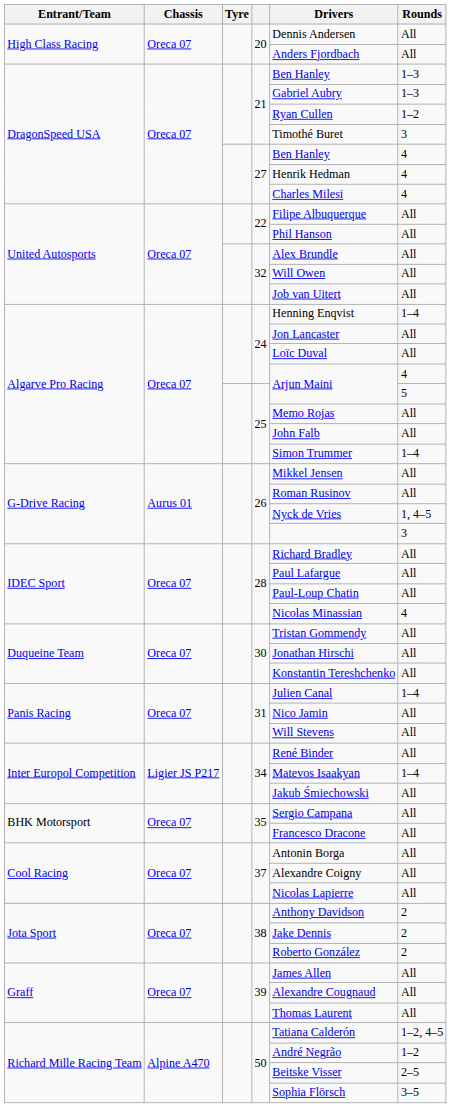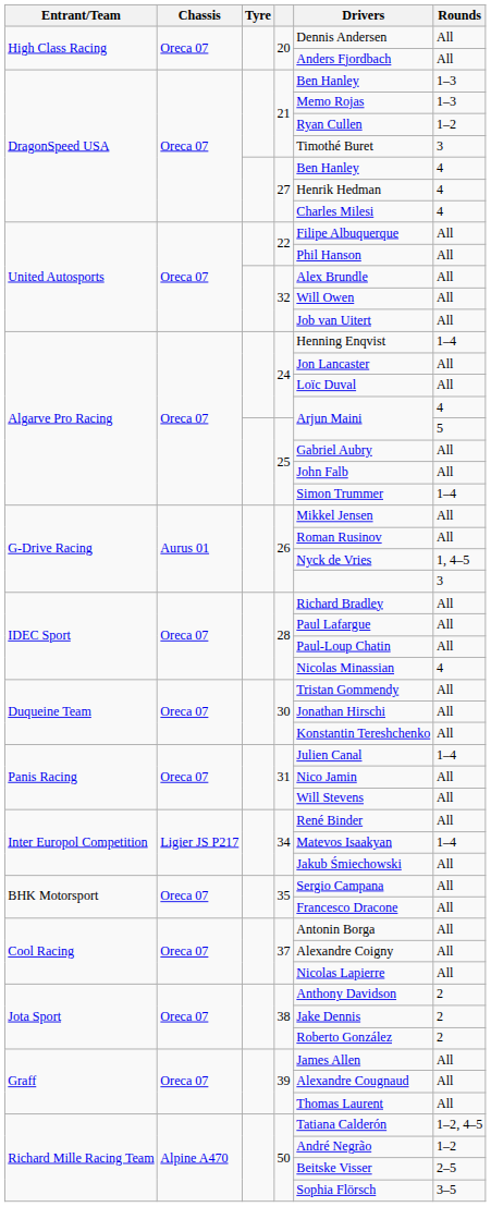 <table class="wikitable" style="font-size: 85%;">
 <tr>
 <th>Entrant/Team</th>
 <th>Chassis</th>
 <th>Tyre</th>
 <th></th>
 <th>Drivers</th>
 <th>Rounds</th>
 </tr>
 <tr>
 <td rowspan=2> <a href='#'>High Class Racing</a></td>
 <td rowspan=2><a href='#'>Oreca 07</a></td>
 <td align="center" rowspan=2></td>
 <td align="center" rowspan=2>20</td>
 <td> Dennis Andersen</td>
 <td>All</td>
 </tr>
 <tr>
 <td> <a href='#'>Anders Fjordbach</a></td>
 <td>All</td>
 </tr>
 <tr>
 <td rowspan="7"> <a href='#'>DragonSpeed USA</a></td>
 <td rowspan="7"><a href='#'>Oreca 07</a></td>
 <td rowspan="4" align="center"></td>
 <td rowspan="4" align="center">21</td>
 <td> <a href='#'>Ben Hanley</a></td>
 <td>1–3</td>
 </tr>
 <tr>
-<td> <a href='#'>Gabriel Aubry</a></td>
+<td> <a href='#'>Memo Rojas</a></td>
 <td>1–3</td>
 </tr>
 <tr>
 <td> <a href='#'>Ryan Cullen</a></td>
 <td>1–2</td>
 </tr>
 <tr>
 <td> Timothé Buret</td>
 <td>3</td>
 </tr>
 <tr>
 <td rowspan=3 align=center></td>
 <td rowspan=3 align=center>27</td>
 <td> <a href='#'>Ben Hanley</a></td>
 <td>4</td>
 </tr>
 <tr>
 <td> Henrik Hedman</td>
 <td>4</td>
 </tr>
 <tr>
 <td> <a href='#'>Charles Milesi</a></td>
 <td>4</td>
 </tr>
 <tr>
 <td rowspan="5"> <a href='#'>United Autosports</a></td>
 <td rowspan="5"><a href='#'>Oreca 07</a></td>
 <td rowspan="2" align="center"></td>
 <td rowspan="2" align="center">22</td>
 <td> <a href='#'>Filipe Albuquerque</a></td>
 <td>All</td>
 </tr>
 <tr>
 <td> <a href='#'>Phil Hanson</a></td>
 <td>All</td>
 </tr>
 <tr>
 <td rowspan="3" align="center"></td>
 <td rowspan="3" align="center">32</td>
 <td> <a href='#'>Alex Brundle</a></td>
 <td>All</td>
 </tr>
 <tr>
 <td> <a href='#'>Will Owen</a></td>
 <td>All</td>
 </tr>
 <tr>
 <td> <a href='#'>Job van Uitert</a></td>
 <td>All</td>
 </tr>
 <tr>
 <td rowspan="8"> <a href='#'>Algarve Pro Racing</a></td>
 <td rowspan="8"><a href='#'>Oreca 07</a></td>
 <td rowspan="4" align="center"></td>
 <td rowspan="4" align="center">24</td>
 <td> Henning Enqvist</td>
 <td>1–4</td>
 </tr>
 <tr>
 <td> <a href='#'>Jon Lancaster</a></td>
 <td>All</td>
 </tr>
 <tr>
 <td> <a href='#'>Loïc Duval</a></td>
 <td>All</td>
 </tr>
 <tr>
 <td rowspan=2> <a href='#'>Arjun Maini</a></td>
 <td>4</td>
 </tr>
 <tr>
 <td rowspan="4" align="center"></td>
 <td rowspan="4" align="center">25</td>
 <td>5</td>
 </tr>
 <tr>
-<td> <a href='#'>Memo Rojas</a></td>
+<td> <a href='#'>Gabriel Aubry</a></td>
 <td>All</td>
 </tr>
 <tr>
 <td> <a href='#'>John Falb</a></td>
 <td>All</td>
 </tr>
 <tr>
 <td> <a href='#'>Simon Trummer</a></td>
 <td>1–4</td>
 </tr>
 <tr>
 <td rowspan="4"> <a href='#'>G-Drive Racing</a></td>
 <td rowspan="4"><a href='#'>Aurus 01</a></td>
 <td rowspan="4" align="center"></td>
 <td rowspan="4" align="center">26</td>
 <td> <a href='#'>Mikkel Jensen</a></td>
 <td>All</td>
 </tr>
 <tr>
 <td> <a href='#'>Roman Rusinov</a></td>
 <td>All</td>
 </tr>
 <tr>
 <td> <a href='#'>Nyck de Vries</a></td>
 <td>1, 4–5</td>
 </tr>
 <tr>
 <td></td>
 <td>3</td>
 </tr>
 <tr>
 <td rowspan="4"> <a href='#'>IDEC Sport</a></td>
 <td rowspan="4"><a href='#'>Oreca 07</a></td>
 <td rowspan="4" align="center"></td>
 <td rowspan="4" align="center">28</td>
 <td> <a href='#'>Richard Bradley</a></td>
 <td>All</td>
 </tr>
 <tr>
 <td> <a href='#'>Paul Lafargue</a></td>
 <td>All</td>
 </tr>
 <tr>
 <td> <a href='#'>Paul-Loup Chatin</a></td>
 <td>All</td>
 </tr>
 <tr>
 <td> <a href='#'>Nicolas Minassian</a></td>
 <td>4</td>
 </tr>
 <tr>
 <td rowspan="3"> <a href='#'>Duqueine Team</a></td>
 <td rowspan="3"><a href='#'>Oreca 07</a></td>
 <td rowspan="3" align="center"></td>
 <td rowspan="3" align="center">30</td>
 <td> <a href='#'>Tristan Gommendy</a></td>
 <td>All</td>
 </tr>
 <tr>
 <td> <a href='#'>Jonathan Hirschi</a></td>
 <td>All</td>
 </tr>
 <tr>
 <td> <a href='#'>Konstantin Tereshchenko</a></td>
 <td>All</td>
 </tr>
 <tr>
 <td rowspan="3"> <a href='#'>Panis Racing</a></td>
 <td rowspan="3"><a href='#'>Oreca 07</a></td>
 <td rowspan="3" align="center"></td>
 <td rowspan="3" align="center">31</td>
 <td> <a href='#'>Julien Canal</a></td>
 <td>1–4</td>
 </tr>
 <tr>
 <td> <a href='#'>Nico Jamin</a></td>
 <td>All</td>
 </tr>
 <tr>
 <td> <a href='#'>Will Stevens</a></td>
 <td>All</td>
 </tr>
 <tr>
 <td rowspan="3"> <a href='#'>Inter Europol Competition</a></td>
 <td rowspan="3"><a href='#'>Ligier JS P217</a></td>
 <td rowspan="3" align="center"></td>
 <td rowspan="3" align="center">34</td>
 <td> <a href='#'>René Binder</a></td>
 <td>All</td>
 </tr>
 <tr>
 <td> <a href='#'>Matevos Isaakyan</a></td>
 <td>1–4</td>
 </tr>
 <tr>
 <td> <a href='#'>Jakub Śmiechowski</a></td>
 <td>All</td>
 </tr>
 <tr>
 <td rowspan="2"> BHK Motorsport</td>
 <td rowspan="2"><a href='#'>Oreca 07</a></td>
 <td rowspan="2" align="center"></td>
 <td rowspan="2" align="center">35</td>
 <td> <a href='#'>Sergio Campana</a></td>
 <td>All</td>
 </tr>
 <tr>
 <td> <a href='#'>Francesco Dracone</a></td>
 <td>All</td>
 </tr>
 <tr>
 <td rowspan="3"> <a href='#'>Cool Racing</a></td>
 <td rowspan="3"><a href='#'>Oreca 07</a></td>
 <td rowspan="3" align="center"></td>
 <td rowspan="3" align="center">37</td>
 <td> Antonin Borga</td>
 <td>All</td>
 </tr>
 <tr>
 <td> Alexandre Coigny</td>
 <td>All</td>
 </tr>
 <tr>
 <td> <a href='#'>Nicolas Lapierre</a></td>
 <td>All</td>
 </tr>
 <tr>
 <td rowspan=3> <a href='#'>Jota Sport</a></td>
 <td rowspan=3><a href='#'>Oreca 07</a></td>
 <td align="center" rowspan=3></td>
 <td align="center" rowspan=3>38</td>
 <td> <a href='#'>Anthony Davidson</a></td>
 <td>2</td>
 </tr>
 <tr>
 <td> <a href='#'>Jake Dennis</a></td>
 <td>2</td>
 </tr>
 <tr>
 <td> <a href='#'>Roberto González</a></td>
 <td>2</td>
 </tr>
 <tr>
 <td rowspan=3> <a href='#'>Graff</a></td>
 <td rowspan=3><a href='#'>Oreca 07</a></td>
 <td align="center" rowspan=3></td>
 <td align="center" rowspan=3>39</td>
 <td> <a href='#'>James Allen</a></td>
 <td>All</td>
 </tr>
 <tr>
 <td> <a href='#'>Alexandre Cougnaud</a></td>
 <td>All</td>
 </tr>
 <tr>
 <td> <a href='#'>Thomas Laurent</a></td>
 <td>All</td>
 </tr>
 <tr>
 <td rowspan="4"> <a href='#'>Richard Mille Racing Team</a></td>
 <td rowspan="4"><a href='#'>Alpine A470</a></td>
 <td rowspan="4" align="center"></td>
 <td rowspan="4" align="center">50</td>
 <td> <a href='#'>Tatiana Calderón</a></td>
 <td>1–2, 4–5</td>
 </tr>
 <tr>
 <td> <a href='#'>André Negrão</a></td>
 <td>1–2</td>
 </tr>
 <tr>
 <td> <a href='#'>Beitske Visser</a></td>
 <td>2–5</td>
 </tr>
 <tr>
 <td> <a href='#'>Sophia Flörsch</a></td>
 <td>3–5</td>
 </tr>
 </table>
